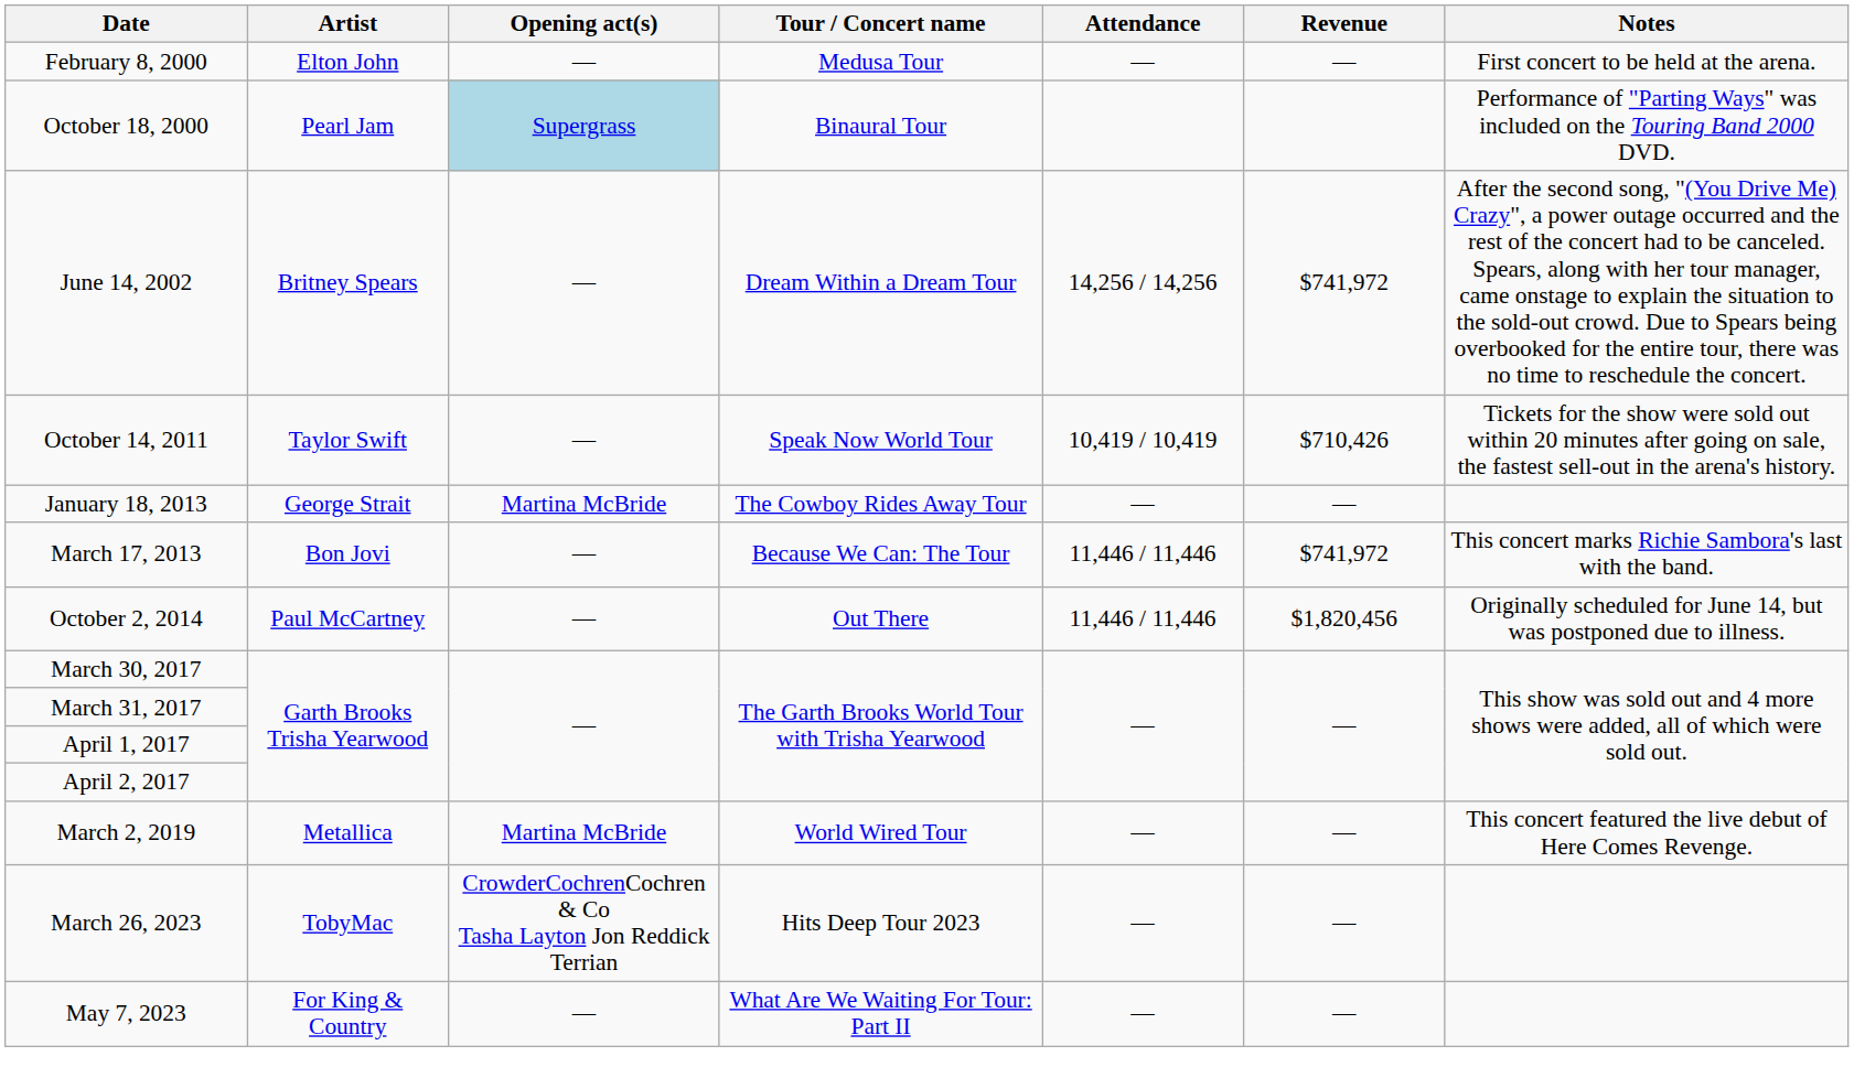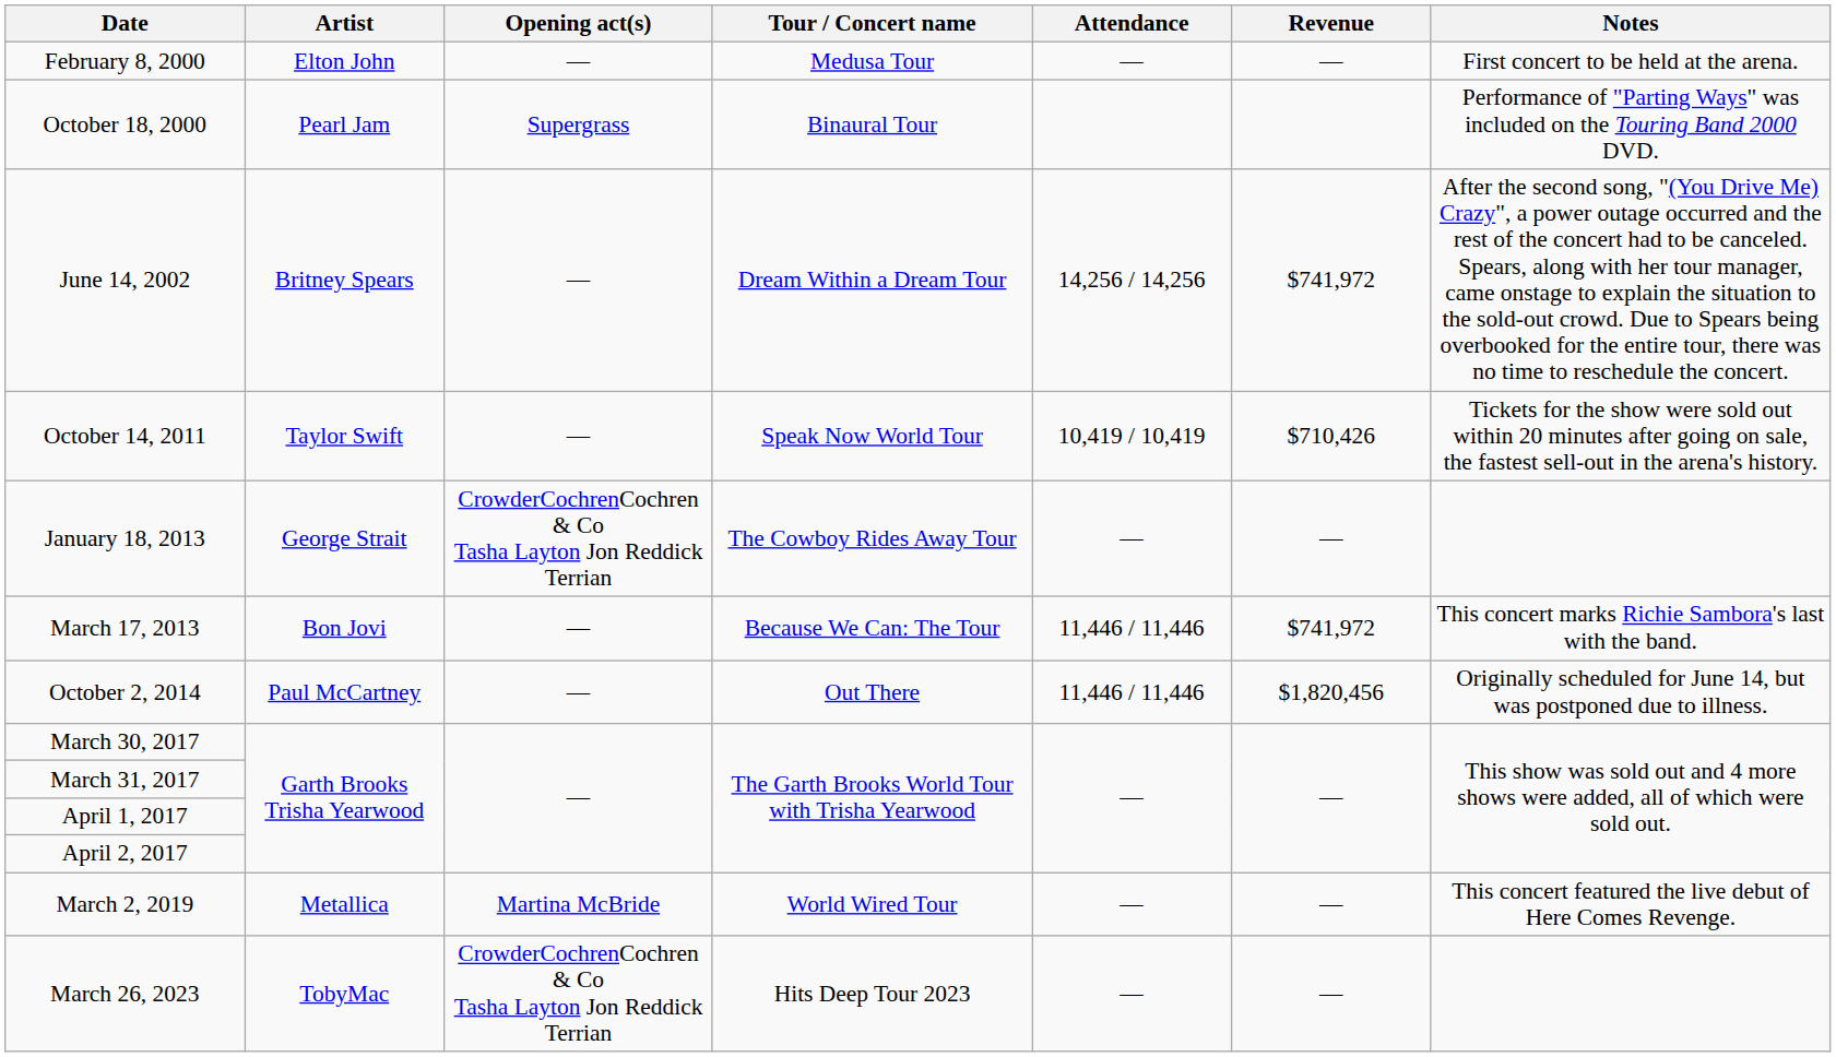 <table class="wikitable" style="text-align:center;">
 <tr>
 <th width=12% style="text-align:center;">Date</th>
 <th width=10% style="text-align:center;">Artist</th>
 <th width=10% style="text-align:center;">Opening act(s)</th>
 <th width=16% style="text-align:center;">Tour / Concert name</th>
 <th width=10% style="text-align:center;">Attendance</th>
 <th width=10% style="text-align:center;">Revenue</th>
 <th width=20% style="text-align:center;">Notes</th>
 </tr>
 <tr>
 <td>February 8, 2000</td>
 <td><a href='#'>Elton John</a></td>
 <td>—</td>
 <td><a href='#'>Medusa Tour</a></td>
 <td>—</td>
 <td>—</td>
 <td>First concert to be held at the arena.</td>
 </tr>
 <tr>
 <td>October 18, 2000</td>
 <td><a href='#'>Pearl Jam</a></td>
-<td style="background: lightblue;"><a href='#'>Supergrass</a></td>
+<td><a href='#'>Supergrass</a></td>
 <td><a href='#'>Binaural Tour</a></td>
 <td></td>
 <td></td>
 <td>Performance of <a href='#'>"Parting Ways</a>" was included on the <em><a href='#'>Touring Band 2000</a></em> DVD.</td>
 </tr>
 <tr>
 <td>June 14, 2002</td>
 <td><a href='#'>Britney Spears</a></td>
 <td>—</td>
 <td><a href='#'>Dream Within a Dream Tour</a></td>
 <td>14,256 / 14,256</td>
 <td>$741,972</td>
 <td>After the second song, "<a href='#'>(You Drive Me) Crazy</a>", a power outage occurred and the rest of the concert had to be canceled.  Spears, along with her tour manager, came onstage to explain the situation to the sold-out crowd.  Due to Spears being overbooked for the entire tour, there was no time to reschedule the concert.</td>
 </tr>
 <tr>
 <td>October 14, 2011</td>
 <td><a href='#'>Taylor Swift</a></td>
 <td>—</td>
 <td><a href='#'>Speak Now World Tour</a></td>
 <td>10,419 / 10,419</td>
 <td>$710,426</td>
 <td>Tickets for the show were sold out within 20 minutes after going on sale, the fastest sell-out in the arena's history.</td>
 </tr>
 <tr>
 <td>January 18, 2013</td>
 <td><a href='#'>George Strait</a></td>
-<td><a href='#'>Martina McBride</a></td>
+<td><a href='#'>CrowderCochren</a>Cochren & Co<br><a href='#'>Tasha Layton</a> Jon Reddick Terrian</td>
 <td><a href='#'>The Cowboy Rides Away Tour</a></td>
 <td>—</td>
 <td>—</td>
 <td></td>
 </tr>
 <tr>
 <td>March 17, 2013</td>
 <td><a href='#'>Bon Jovi</a></td>
 <td>—</td>
 <td><a href='#'>Because We Can: The Tour</a></td>
 <td>11,446 / 11,446</td>
 <td>$741,972</td>
 <td>This concert marks <a href='#'>Richie Sambora</a>'s last with the band.</td>
 </tr>
 <tr>
 <td>October 2, 2014</td>
 <td><a href='#'>Paul McCartney</a></td>
 <td>—</td>
 <td><a href='#'>Out There</a></td>
 <td>11,446 / 11,446</td>
 <td>$1,820,456</td>
 <td>Originally scheduled for June 14, but was postponed due to illness.</td>
 </tr>
 <tr>
 <td>March 30, 2017</td>
 <td rowspan=4><a href='#'>Garth Brooks</a><br><a href='#'>Trisha Yearwood</a></td>
 <td rowspan=4>—</td>
 <td rowspan=4><a href='#'>The Garth Brooks World Tour with Trisha Yearwood</a></td>
 <td rowspan=4>—</td>
 <td rowspan=4>—</td>
 <td rowspan=4>This show was sold out and 4 more shows were added, all of which were sold out.</td>
 </tr>
 <tr>
 <td>March 31, 2017</td>
 </tr>
 <tr>
 <td>April 1, 2017</td>
 </tr>
 <tr>
 <td>April 2, 2017</td>
 </tr>
 <tr>
 <td>March 2, 2019</td>
 <td><a href='#'>Metallica</a></td>
 <td><a href='#'>Martina McBride</a></td>
 <td><a href='#'>World Wired Tour</a></td>
 <td>—</td>
 <td>—</td>
 <td>This concert featured the live debut of Here Comes Revenge.</td>
 </tr>
 <tr>
 <td>March 26, 2023</td>
 <td><a href='#'>TobyMac</a></td>
 <td><a href='#'>CrowderCochren</a>Cochren & Co<br><a href='#'>Tasha Layton</a> Jon Reddick Terrian</td>
 <td>Hits Deep Tour 2023</td>
 <td>—</td>
 <td>—</td>
 <td></td>
 </tr>
-<tr>
-<td>May 7, 2023</td>
-<td><a href='#'>For King & Country</a></td>
-<td>—</td>
-<td><a href='#'>What Are We Waiting For Tour: Part II</a></td>
-<td>—</td>
-<td>—</td>
-<td></td>
-</tr>
 </table>
